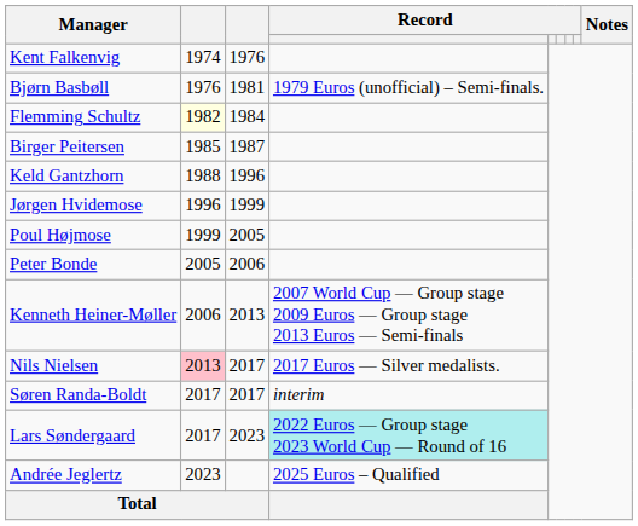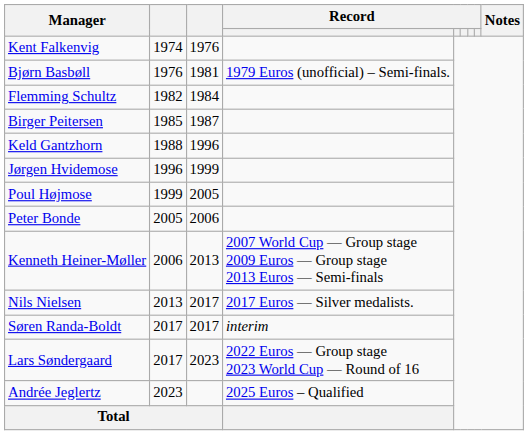 <table class="wikitable sortable" style="font-size: 13.5px; text-align: center">
 <tr>
 <th rowspan="2">Manager</th>
 <th rowspan="2"></th>
 <th rowspan="2"></th>
 <th colspan="5">Record</th>
 <th rowspan="2">Notes</th>
 </tr>
 <tr>
 <th></th>
 <th></th>
 <th></th>
 <th></th>
 <th></th>
 </tr>
 <tr>
 <td style="text-align:left"> <a href='#'>Kent Falkenvig</a></td>
 <td style="text-align:left">1974</td>
 <td style="text-align:left">1976<br></td>
 <td style="text-align:left"></td>
 </tr>
 <tr>
 <td style="text-align:left"> <a href='#'>Bjørn Basbøll</a></td>
 <td style="text-align:left">1976</td>
 <td style="text-align:left">1981<br></td>
 <td style="text-align:left"><a href='#'>1979 Euros</a> (unofficial) – Semi-finals.</td>
 </tr>
 <tr>
 <td style="text-align:left"> <a href='#'>Flemming Schultz</a></td>
-<td style="background: lightyellow; text-align:left">1982</td>
+<td style="text-align:left">1982</td>
 <td style="text-align:left">1984<br></td>
 <td style="text-align:left"></td>
 </tr>
 <tr>
 <td style="text-align:left"> <a href='#'>Birger Peitersen</a></td>
 <td style="text-align:left">1985</td>
 <td style="text-align:left">1987<br></td>
 <td style="text-align:left"></td>
 </tr>
 <tr>
 <td style="text-align:left"> <a href='#'>Keld Gantzhorn</a></td>
 <td style="text-align:left">1988</td>
 <td style="text-align:left">1996<br></td>
 <td style="text-align:left"></td>
 </tr>
 <tr>
 <td style="text-align:left"> <a href='#'>Jørgen Hvidemose</a></td>
 <td style="text-align:left">1996</td>
 <td style="text-align:left">1999<br></td>
 <td style="text-align:left"></td>
 </tr>
 <tr>
 <td style="text-align:left"> <a href='#'>Poul Højmose</a></td>
 <td style="text-align:left">1999</td>
 <td style="text-align:left">2005<br></td>
 <td style="text-align:left"></td>
 </tr>
 <tr>
 <td style="text-align:left"> <a href='#'>Peter Bonde</a></td>
 <td style="text-align:left">2005</td>
 <td style="text-align:left">2006<br></td>
 <td style="text-align:left"></td>
 </tr>
 <tr>
 <td style="text-align:left"> <a href='#'>Kenneth Heiner-Møller</a></td>
 <td style="text-align:left">2006</td>
 <td style="text-align:left">2013<br></td>
 <td style="text-align:left"><a href='#'>2007 World Cup</a> — Group stage<br><a href='#'>2009 Euros</a> — Group stage<br><a href='#'>2013 Euros</a> — Semi-finals</td>
 </tr>
 <tr>
 <td style="text-align:left"> <a href='#'>Nils Nielsen</a></td>
-<td style="background: pink; text-align:left">2013</td>
+<td style="text-align:left">2013</td>
 <td style="text-align:left">2017<br></td>
 <td style="text-align:left"><a href='#'>2017 Euros</a> —  Silver medalists.</td>
 </tr>
 <tr>
 <td style="text-align:left"> <a href='#'>Søren Randa-Boldt</a></td>
 <td style="text-align:left">2017</td>
 <td style="text-align:left">2017<br></td>
 <td style="text-align:left"><em>interim</em></td>
 </tr>
 <tr>
 <td style="text-align:left"> <a href='#'>Lars Søndergaard</a></td>
 <td style="text-align:left">2017</td>
 <td style="text-align:left">2023<br></td>
-<td style="background: paleturquoise; text-align:left"><a href='#'>2022 Euros</a> — Group stage<br><a href='#'>2023 World Cup</a> — Round of 16</td>
+<td style="text-align:left"><a href='#'>2022 Euros</a> — Group stage<br><a href='#'>2023 World Cup</a> — Round of 16</td>
 </tr>
 <tr>
 <td style="text-align:left"> <a href='#'>Andrée Jeglertz</a></td>
 <td style="text-align:left">2023</td>
 <td style="text-align:left"><br></td>
 <td style="text-align:left"><a href='#'>2025 Euros</a> – Qualified</td>
 </tr>
 <tr>
 <th colspan="3">Total<br></th>
 <th></th>
 </tr>
 </table>
